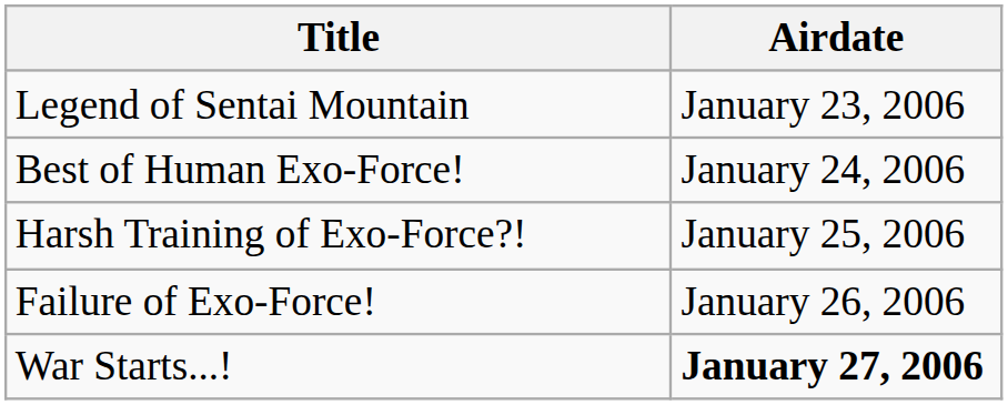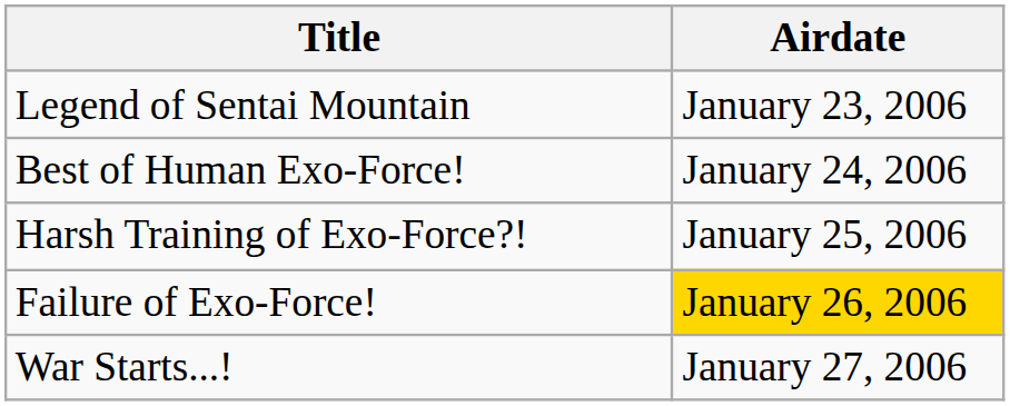 <table class="wikitable">
 <tr style="background:#EFEFEF">
 <th style="width:250px;"><strong>Title</strong></th>
 <th style="width:120px;"><strong>Airdate</strong></th>
 </tr>
 <tr>
 <td>Legend of Sentai Mountain</td>
 <td>January 23, 2006</td>
 </tr>
 <tr>
 <td>Best of Human Exo-Force!</td>
 <td>January 24, 2006</td>
 </tr>
 <tr>
 <td>Harsh Training of Exo-Force?!</td>
 <td>January 25, 2006</td>
 </tr>
 <tr>
 <td>Failure of Exo-Force!</td>
-<td>January 26, 2006</td>
+<td style="background: gold;">January 26, 2006</td>
 </tr>
 <tr>
 <td>War Starts...!</td>
-<td><strong>January 27, 2006</strong></td>
+<td>January 27, 2006</td>
 </tr>
 </table>
